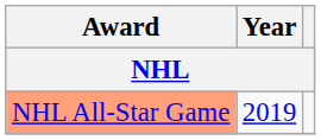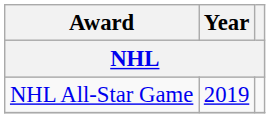 <table class="wikitable">
 <tr>
 <th>Award</th>
 <th>Year</th>
 <th></th>
 </tr>
 <tr ALIGN="center" bgcolor="#e0e0e0">
 <th colspan="3"><a href='#'>NHL</a></th>
 </tr>
 <tr>
-<td style="background: lightsalmon;"><a href='#'>NHL All-Star Game</a></td>
+<td><a href='#'>NHL All-Star Game</a></td>
 <td><a href='#'>2019</a></td>
 <td></td>
 </tr>
 <tr>
 </tr>
 </table>
